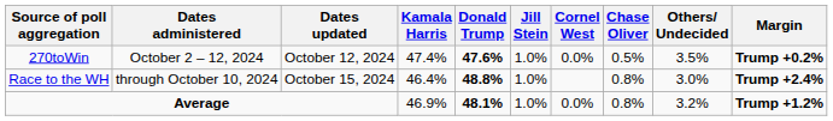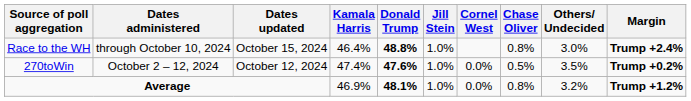 <table class="wikitable sortable mw-datatable" style="text-align:center;font-size:90%;line-height:17px">
 <tr>
 <th>Source of poll<br>aggregation</th>
 <th>Dates<br>administered</th>
 <th>Dates<br>updated</th>
 <th class="unsortable"><a href='#'>Kamala <br>Harris</a><br><small></small></th>
 <th class="unsortable"><a href='#'>Donald<br>Trump</a><br><small></small></th>
 <th class="unsortable"><a href='#'>Jill<br>Stein</a><br><small></small></th>
 <th class="unsortable"><a href='#'>Cornel<br>West</a><br><small></small></th>
 <th class="unsortable"><a href='#'>Chase<br>Oliver</a><br><small></small></th>
 <th class="unsortable">Others/<br>Undecided<br></th>
 <th>Margin</th>
 </tr>
 <tr>
+<td><a href='#'>Race to the WH</a></td>
+<td>through October 10, 2024</td>
+<td>October 15, 2024</td>
+<td>46.4%</td>
+<td style="background-color:"><strong>48.8%</strong></td>
+<td>1.0%</td>
+<td></td>
+<td>0.8%</td>
+<td>3.0%</td>
+<td style="background-color:"><strong>Trump +2.4%</strong></td>
+</tr>
+<tr>
 <td><a href='#'>270toWin</a></td>
 <td>October 2 – 12, 2024</td>
 <td>October 12, 2024</td>
 <td>47.4%</td>
 <td style="background-color:"><strong>47.6%</strong></td>
 <td>1.0%</td>
 <td>0.0%</td>
 <td>0.5%</td>
 <td>3.5%</td>
 <td style="background-color:"><strong>Trump +0.2%</strong></td>
 </tr>
 <tr>
-<td><a href='#'>Race to the WH</a></td>
-<td>through October 10, 2024</td>
-<td>October 15, 2024</td>
-<td>46.4%</td>
-<td style="background-color:"><strong>48.8%</strong></td>
-<td>1.0%</td>
-<td></td>
-<td>0.8%</td>
-<td>3.0%</td>
-<td style="background-color:"><strong>Trump +2.4%</strong></td>
-</tr>
-<tr>
 <td colspan="3"><strong>Average</strong></td>
 <td>46.9%</td>
 <td style="background-color:"><strong>48.1%</strong></td>
 <td>1.0%</td>
 <td>0.0%</td>
 <td>0.8%</td>
 <td>3.2%</td>
 <td style="background-color:"><strong>Trump +1.2%</strong></td>
 </tr>
 </table>
